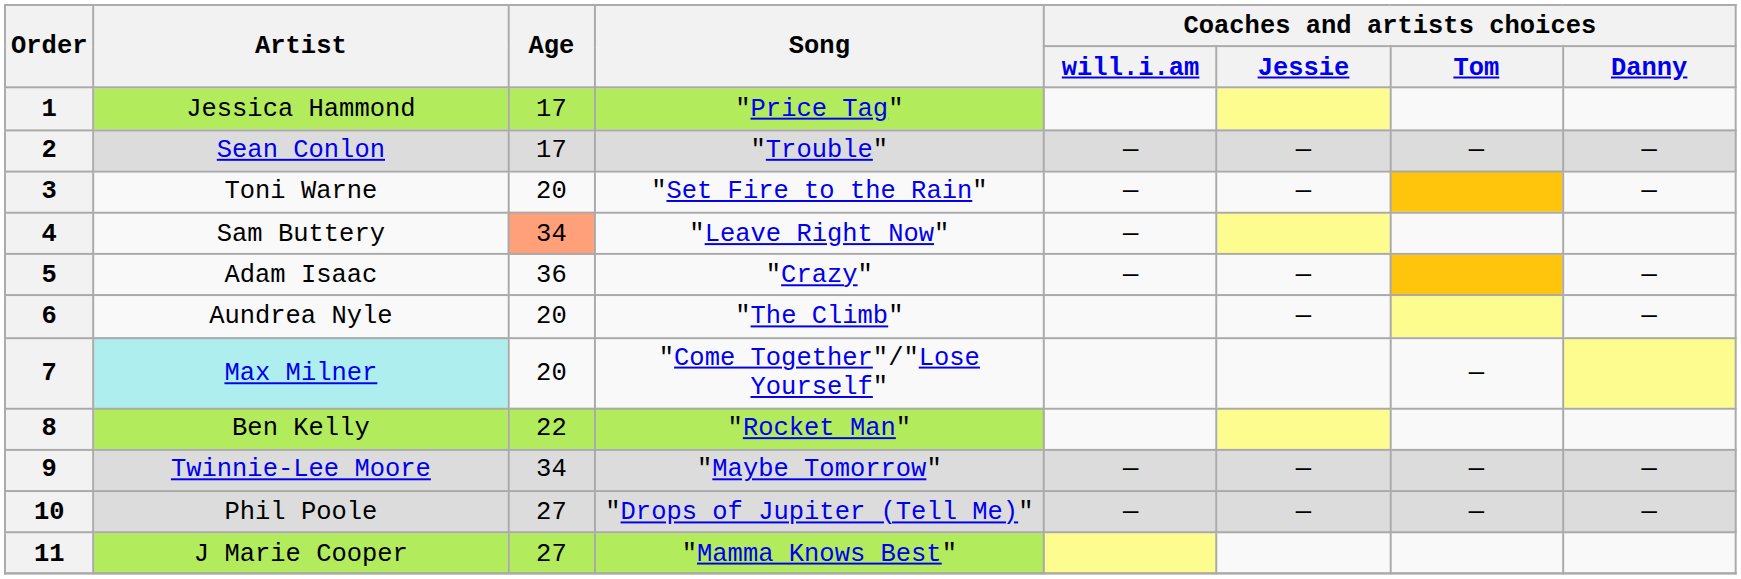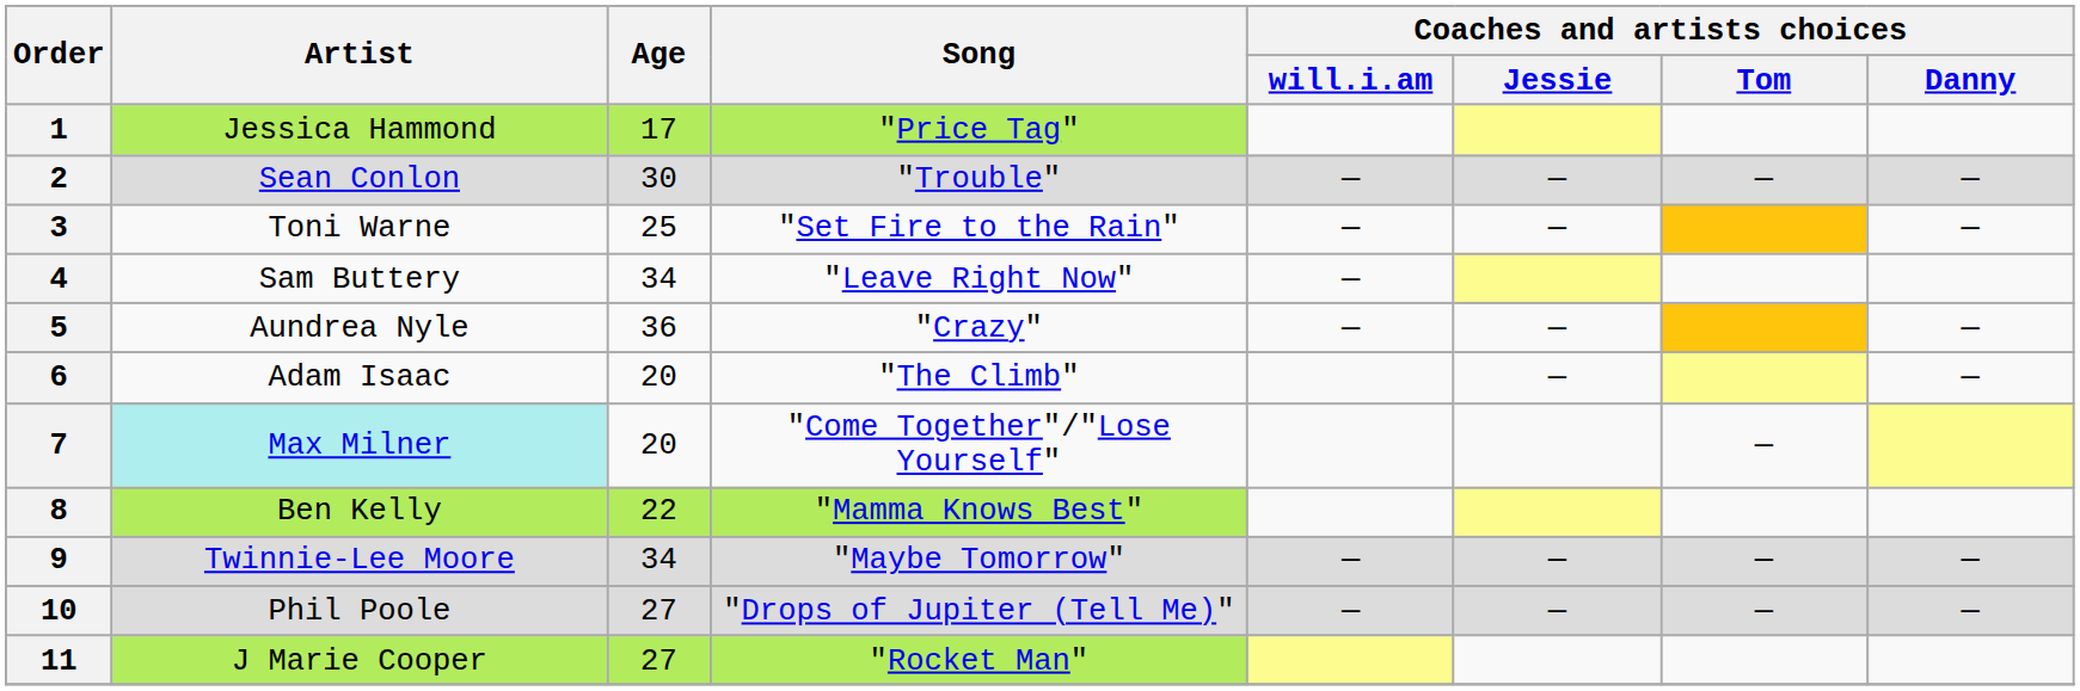 <table class="wikitable" style="text-align:center; width:100%;">
 <tr>
 <th scope="col" rowspan="2" width="05%">Order</th>
 <th scope="col" rowspan="2" width="24%">Artist</th>
 <th scope="col" rowspan="2" width="05%">Age</th>
 <th scope="col" rowspan="2" width="26%">Song</th>
 <th colspan="4" width="40%">Coaches and artists choices</th>
 </tr>
 <tr>
 <th width="10%"><a href='#'>will.i.am</a></th>
 <th width="10%"><a href='#'>Jessie</a></th>
 <th width="10%"><a href='#'>Tom</a></th>
 <th width="10%"><a href='#'>Danny</a></th>
 </tr>
 <tr>
 <th scope="col">1</th>
 <td style="background-color:#B2EC5D;">Jessica Hammond</td>
 <td style="background-color:#B2EC5D;">17</td>
 <td style="background-color:#B2EC5D;">"<a href='#'>Price Tag</a>"</td>
 <td><strong></strong></td>
 <td style="background:#fdfc8f;text-align:center;"><strong></strong></td>
 <td><strong></strong></td>
 <td><strong></strong></td>
 </tr>
 <tr style="background:#DCDCDC">
 <th scope="col">2</th>
 <td><a href='#'>Sean Conlon</a></td>
-<td>17</td>
+<td>30</td>
 <td>"<a href='#'>Trouble</a>"</td>
 <td>—</td>
 <td>—</td>
 <td>—</td>
 <td>—</td>
 </tr>
 <tr>
 <th scope="col">3</th>
 <td>Toni Warne</td>
-<td>20</td>
+<td>25</td>
 <td>"<a href='#'>Set Fire to the Rain</a>"</td>
 <td>—</td>
 <td>—</td>
 <td style="background:#FFC40C;text-align:center;"><strong></strong></td>
 <td>—</td>
 </tr>
 <tr>
 <th scope="col">4</th>
 <td>Sam Buttery</td>
-<td style="background: lightsalmon;">34</td>
+<td>34</td>
 <td>"<a href='#'>Leave Right Now</a>"</td>
 <td>—</td>
 <td style="background:#fdfc8f;text-align:center;"><strong></strong></td>
 <td><strong></strong></td>
 <td><strong></strong></td>
 </tr>
 <tr>
 <th scope="col">5</th>
-<td>Adam Isaac</td>
+<td>Aundrea Nyle</td>
 <td>36</td>
 <td>"<a href='#'>Crazy</a>"</td>
 <td>—</td>
 <td>—</td>
 <td style="background:#FFC40C;text-align:center;"><strong></strong></td>
 <td>—</td>
 </tr>
 <tr>
 <th scope="col">6</th>
-<td>Aundrea Nyle</td>
+<td>Adam Isaac</td>
 <td>20</td>
 <td>"<a href='#'>The Climb</a>"</td>
 <td><strong></strong></td>
 <td>—</td>
 <td style="background:#fdfc8f;text-align:center;"><strong></strong></td>
 <td>—</td>
 </tr>
 <tr>
 <th scope="col">7</th>
 <td style="background: paleturquoise;"><a href='#'>Max Milner</a></td>
 <td>20</td>
 <td>"<a href='#'>Come Together</a>"/"<a href='#'>Lose Yourself</a>"</td>
 <td><strong></strong></td>
 <td><strong></strong></td>
 <td>—</td>
 <td style="background:#fdfc8f;text-align:center;"><strong></strong></td>
 </tr>
 <tr>
 <th scope="col">8</th>
 <td style="background-color:#B2EC5D;">Ben Kelly</td>
 <td style="background-color:#B2EC5D;">22</td>
-<td style="background-color:#B2EC5D;">"<a href='#'>Rocket Man</a>"</td>
+<td style="background-color:#B2EC5D;">"<a href='#'>Mamma Knows Best</a>"</td>
 <td><strong></strong></td>
 <td style="background:#fdfc8f;text-align:center;"><strong></strong></td>
 <td><strong></strong></td>
 <td><strong></strong></td>
 </tr>
 <tr style="background:#DCDCDC">
 <th scope="col">9</th>
 <td><a href='#'>Twinnie-Lee Moore</a></td>
 <td>34</td>
 <td>"<a href='#'>Maybe Tomorrow</a>"</td>
 <td>—</td>
 <td>—</td>
 <td>—</td>
 <td>—</td>
 </tr>
 <tr style="background:#DCDCDC">
 <th scope="col">10</th>
 <td>Phil Poole</td>
 <td>27</td>
 <td>"<a href='#'>Drops of Jupiter (Tell Me)</a>"</td>
 <td>—</td>
 <td>—</td>
 <td>—</td>
 <td>—</td>
 </tr>
 <tr>
 <th scope="col">11</th>
 <td style="background-color:#B2EC5D;">J Marie Cooper</td>
 <td style="background-color:#B2EC5D;">27</td>
-<td style="background-color:#B2EC5D;">"<a href='#'>Mamma Knows Best</a>"</td>
+<td style="background-color:#B2EC5D;">"<a href='#'>Rocket Man</a>"</td>
 <td style="background:#fdfc8f;text-align:center;"><strong></strong></td>
 <td><strong></strong></td>
 <td><strong></strong></td>
 <td><strong></strong></td>
 </tr>
 <tr>
 </tr>
 </table>
